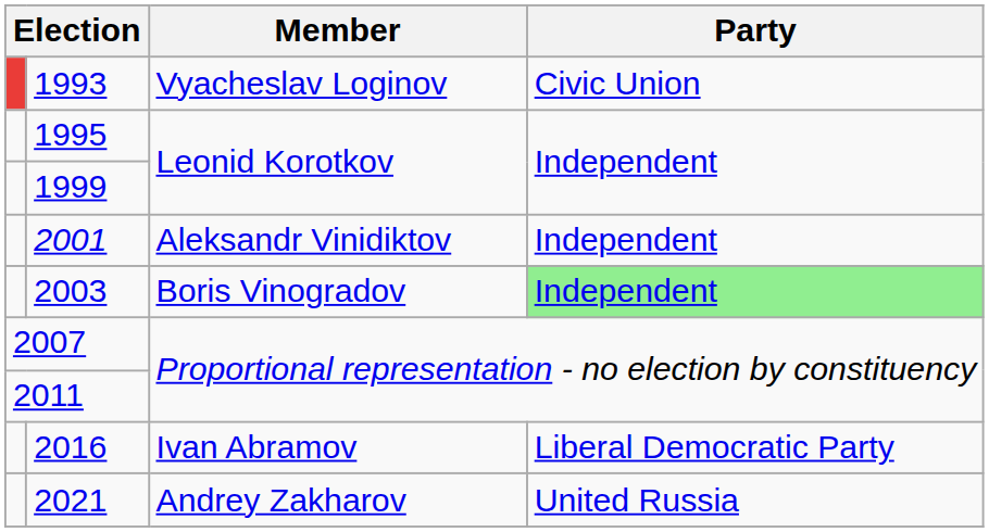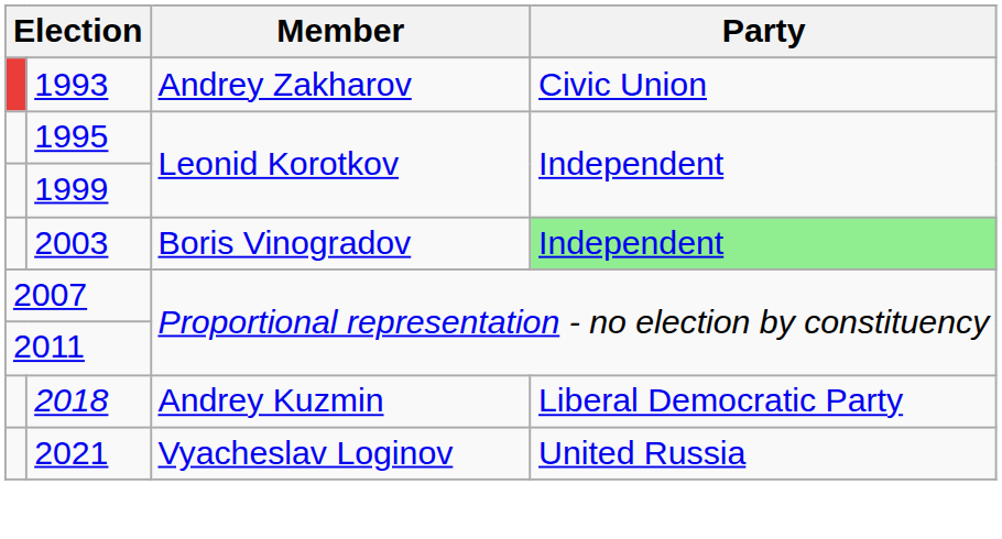 <table class="wikitable">
 <tr>
 <th colspan="2">Election</th>
 <th>Member</th>
 <th>Party</th>
 </tr>
 <tr>
 <td style="background-color:#EA3C38"></td>
 <td><a href='#'>1993</a></td>
-<td><a href='#'>Vyacheslav Loginov</a></td>
+<td><a href='#'>Andrey Zakharov</a></td>
 <td><a href='#'>Civic Union</a></td>
 </tr>
 <tr>
 <td style="background-color:"></td>
 <td><a href='#'>1995</a></td>
 <td rowspan=2><a href='#'>Leonid Korotkov</a></td>
 <td rowspan=2><a href='#'>Independent</a></td>
 </tr>
 <tr>
 <td style="background-color:"></td>
 <td><a href='#'>1999</a></td>
-</tr>
-<tr>
-<td style="background-color:"></td>
-<td><em><a href='#'>2001</a></em></td>
-<td><a href='#'>Aleksandr Vinidiktov</a></td>
-<td><a href='#'>Independent</a></td>
 </tr>
 <tr>
 <td style="background-color:"></td>
 <td><a href='#'>2003</a></td>
 <td><a href='#'>Boris Vinogradov</a></td>
 <td style="background: lightgreen;"><a href='#'>Independent</a></td>
 </tr>
 <tr>
 <td colspan=2><a href='#'>2007</a></td>
 <td colspan=2 rowspan=2><em><a href='#'>Proportional representation</a> - no election by constituency</em></td>
 </tr>
 <tr>
 <td colspan=2><a href='#'>2011</a></td>
 </tr>
 <tr>
 <td style="background-color:"></td>
-<td><a href='#'>2016</a></td>
-<td><a href='#'>Ivan Abramov</a></td>
+<td><em><a href='#'>2018</a></em></td>
+<td><a href='#'>Andrey Kuzmin</a></td>
 <td><a href='#'>Liberal Democratic Party</a></td>
 </tr>
 <tr>
 <td style="background-color:"></td>
 <td><a href='#'>2021</a></td>
-<td><a href='#'>Andrey Zakharov</a></td>
+<td><a href='#'>Vyacheslav Loginov</a></td>
 <td><a href='#'>United Russia</a></td>
 </tr>
 </table>
